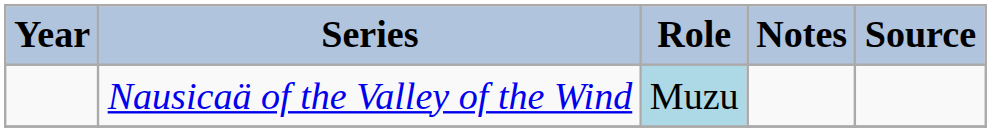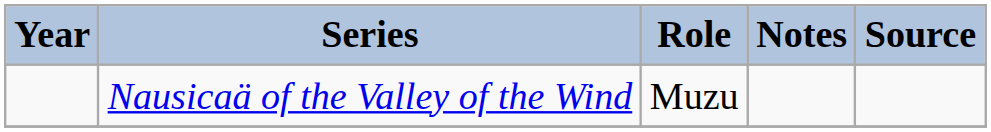 <table class="wikitable sortable plainrowheaders" style="width=95%;  font-size: 100%;">
 <tr>
 <th style="background:#b0c4de;">Year</th>
 <th style="background:#b0c4de;">Series</th>
 <th style="background:#b0c4de;">Role</th>
 <th style="background:#b0c4de;" class="unsortable">Notes</th>
 <th style="background:#b0c4de;" class="unsortable">Source</th>
 </tr>
 <tr>
 <td></td>
 <td><em><a href='#'>Nausicaä of the Valley of the Wind</a></em></td>
-<td style="background: lightblue;">Muzu</td>
+<td>Muzu</td>
 <td> </td>
 <td></td>
 </tr>
 <tr>
 </tr>
 </table>
